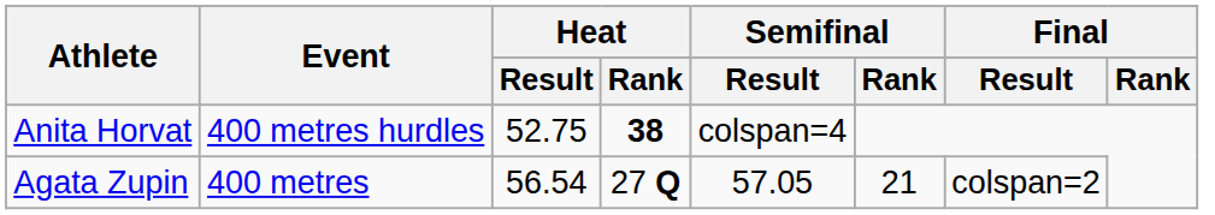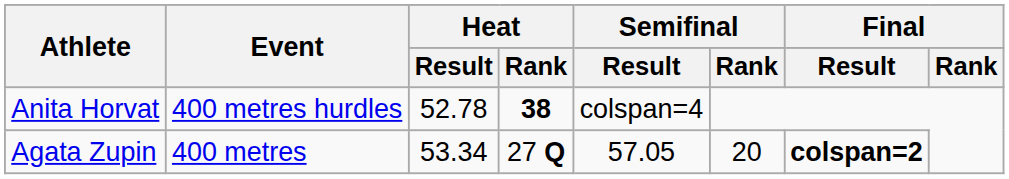 <table class="wikitable" style="font-size:90%">
 <tr>
 <th rowspan="2">Athlete</th>
 <th rowspan="2">Event</th>
 <th colspan="2">Heat</th>
 <th colspan="2">Semifinal</th>
 <th colspan="2">Final</th>
 </tr>
 <tr style="font-size:95%">
 <th>Result</th>
 <th>Rank</th>
 <th>Result</th>
 <th>Rank</th>
 <th>Result</th>
 <th>Rank</th>
 </tr>
 <tr style=text-align:center>
 <td style=text-align:left><a href='#'>Anita Horvat</a></td>
 <td style=text-align:left><a href='#'>400 metres hurdles</a></td>
-<td>52.75</td>
+<td>52.78</td>
 <td><strong>38</strong></td>
 <td>colspan=4 </td>
 </tr>
 <tr style=text-align:center>
 <td style=text-align:left><a href='#'>Agata Zupin</a></td>
 <td style=text-align:left><a href='#'>400 metres</a></td>
-<td>56.54</td>
+<td>53.34</td>
 <td>27 <strong>Q</strong></td>
 <td>57.05</td>
-<td>21</td>
-<td>colspan=2 </td>
+<td>20</td>
+<td><strong>colspan=2 </strong></td>
 </tr>
 </table>
